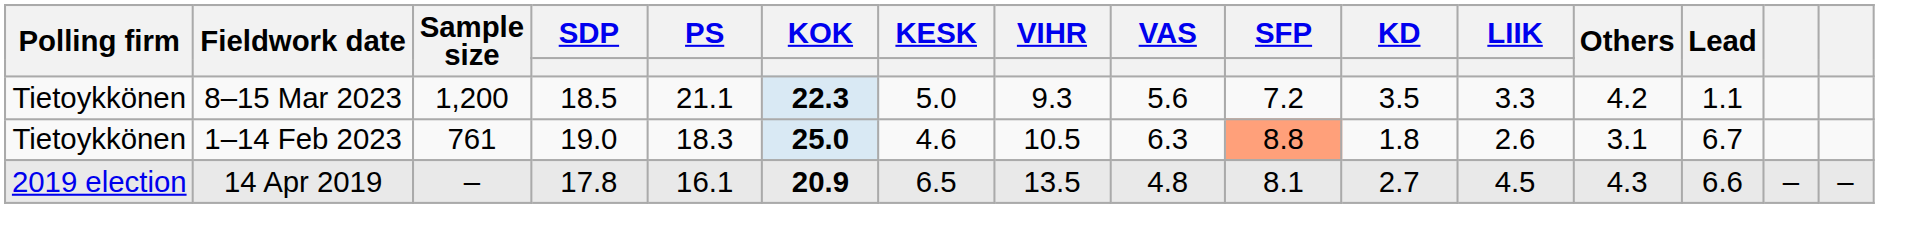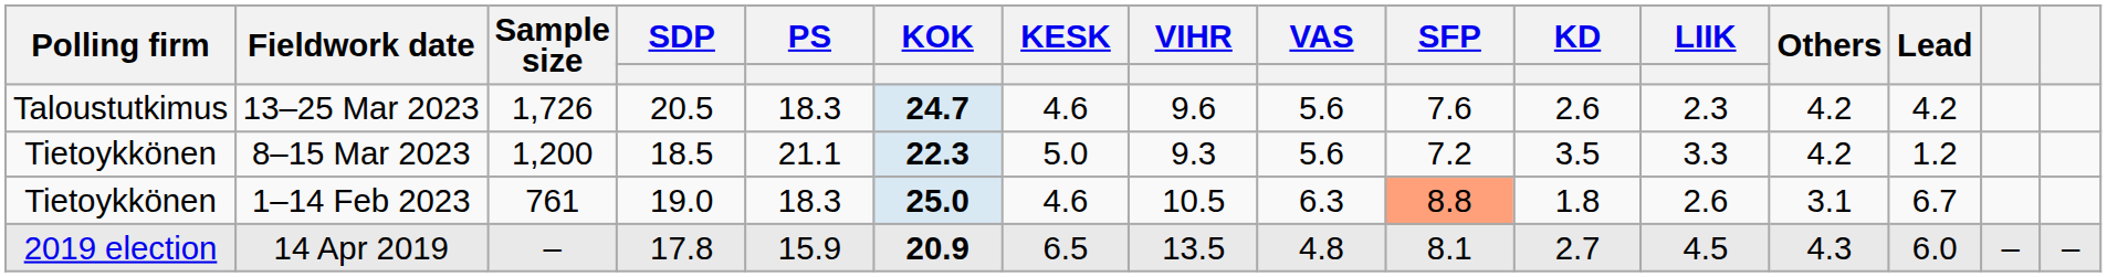 <table class="wikitable sortable mw-datatable" style="text-align:center;font-size:90%;line-height:14px;">
 <tr>
 <th rowspan="2">Polling firm</th>
 <th rowspan="2">Fieldwork date</th>
 <th rowspan="2">Sample<br>size</th>
 <th class="unsortable" style="width:50px;"><a href='#'>SDP</a></th>
 <th class="unsortable" style="width:50px;"><a href='#'>PS</a></th>
 <th class="unsortable" style="width:50px;"><a href='#'>KOK</a></th>
 <th class="unsortable" style="width:50px;"><a href='#'>KESK</a></th>
 <th class="unsortable" style="width:50px;"><a href='#'>VIHR</a></th>
 <th class="unsortable" style="width:50px;"><a href='#'>VAS</a></th>
 <th class="unsortable" style="width:50px;"><a href='#'>SFP</a></th>
 <th class="unsortable" style="width:50px;"><a href='#'>KD</a></th>
 <th class="unsortable" style="width:50px;"><a href='#'>LIIK</a></th>
 <th class="unsortable" style="width:30px;" rowspan="2">Others</th>
 <th class="unsortable" style="width:30px;" rowspan="2">Lead</th>
 <th class="unsortable" style="width:20px;" rowspan="2"></th>
 <th class="unsortable" style="width:20px;" rowspan="2"></th>
 </tr>
 <tr>
 <th data-sort-type="number" style="background:"></th>
 <th data-sort-type="number" style="background:"></th>
 <th data-sort-type="number" style="background:"></th>
 <th data-sort-type="number" style="background:"></th>
 <th data-sort-type="number" style="background:"></th>
 <th data-sort-type="number" style="background:"></th>
 <th data-sort-type="number" style="background:"></th>
 <th data-sort-type="number" style="background:"></th>
 <th data-sort-type="number" style="background:"></th>
 </tr>
 <tr>
+<td>Taloustutkimus</td>
+<td data-sort-value="2023-03-27">13–25 Mar 2023</td>
+<td>1,726</td>
+<td>20.5</td>
+<td>18.3</td>
+<td style="background:#D9E9F4;"><strong>24.7</strong></td>
+<td>4.6</td>
+<td>9.6</td>
+<td>5.6</td>
+<td>7.6</td>
+<td>2.6</td>
+<td>2.3</td>
+<td>4.2</td>
+<td style="background:">4.2</td>
+<td></td>
+<td></td>
+</tr>
+<tr>
 <td>Tietoykkönen</td>
 <td data-sort-value="2023-03-15">8–15 Mar 2023</td>
 <td>1,200</td>
 <td>18.5</td>
 <td>21.1</td>
 <td style="background:#D9E9F4;"><strong>22.3</strong></td>
 <td>5.0</td>
 <td>9.3</td>
 <td>5.6</td>
 <td>7.2</td>
 <td>3.5</td>
 <td>3.3</td>
 <td>4.2</td>
-<td style="background:">1.1</td>
+<td style="background:">1.2</td>
 <td></td>
 <td></td>
 </tr>
 <tr>
 <td>Tietoykkönen</td>
 <td data-sort-value="2023-02-14">1–14 Feb 2023</td>
 <td>761</td>
 <td>19.0</td>
 <td>18.3</td>
 <td style="background:#D9E9F4;"><strong>25.0</strong></td>
 <td>4.6</td>
 <td>10.5</td>
 <td>6.3</td>
 <td style="background: lightsalmon;">8.8</td>
 <td>1.8</td>
 <td>2.6</td>
 <td>3.1</td>
 <td style="background:">6.7</td>
 <td></td>
 <td></td>
 </tr>
 <tr style="background:#E9E9E9;">
 <td><a href='#'>2019 election</a></td>
 <td data-sort-value="2019-04-14">14 Apr 2019</td>
 <td>–</td>
 <td>17.8</td>
-<td>16.1</td>
+<td>15.9</td>
 <td style="background:"><strong>20.9</strong></td>
 <td>6.5</td>
 <td>13.5</td>
 <td>4.8</td>
 <td>8.1</td>
 <td>2.7</td>
 <td>4.5</td>
 <td>4.3</td>
-<td style="background:">6.6</td>
+<td style="background:">6.0</td>
 <td>–</td>
 <td>–</td>
 </tr>
 </table>
